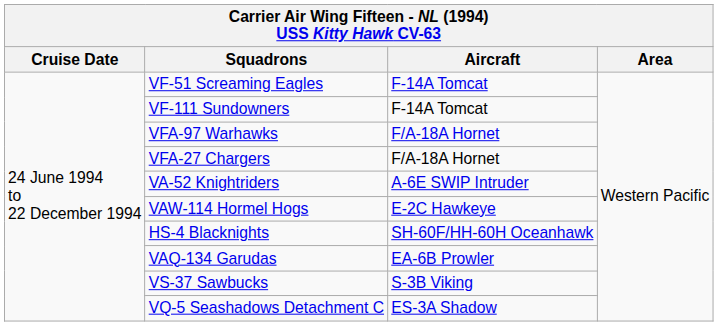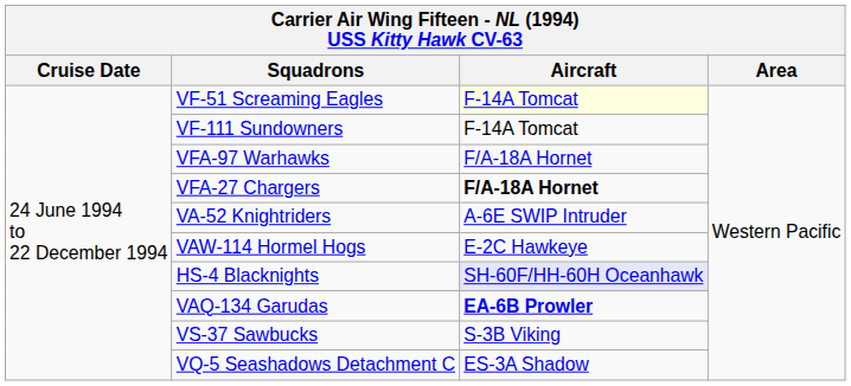 <table class="wikitable">
 <tr>
 <th colspan="4">Carrier Air Wing Fifteen - <em>NL</em> (1994)<br><a href='#'>USS <em>Kitty Hawk</em> CV-63</a></th>
 </tr>
 <tr>
 <th>Cruise Date</th>
 <th>Squadrons</th>
 <th>Aircraft</th>
 <th>Area</th>
 </tr>
 <tr>
 <td rowspan="10">24 June 1994<br>to<br>22 December 1994</td>
 <td><a href='#'>VF-51 Screaming Eagles</a></td>
-<td><a href='#'>F-14A Tomcat</a></td>
+<td style="background: lightyellow;"><a href='#'>F-14A Tomcat</a></td>
 <td rowspan="10">Western Pacific</td>
 </tr>
 <tr>
 <td><a href='#'>VF-111 Sundowners</a></td>
 <td>F-14A Tomcat</td>
 </tr>
 <tr>
 <td><a href='#'>VFA-97 Warhawks</a></td>
 <td><a href='#'>F/A-18A Hornet</a></td>
 </tr>
 <tr>
 <td><a href='#'>VFA-27 Chargers</a></td>
-<td>F/A-18A Hornet</td>
+<td><strong>F/A-18A Hornet</strong></td>
 </tr>
 <tr>
 <td><a href='#'>VA-52 Knightriders</a></td>
 <td><a href='#'>A-6E SWIP Intruder</a></td>
 </tr>
 <tr>
 <td><a href='#'>VAW-114 Hormel Hogs</a></td>
 <td><a href='#'>E-2C Hawkeye</a></td>
 </tr>
 <tr>
 <td><a href='#'>HS-4 Blacknights</a></td>
-<td><a href='#'>SH-60F/HH-60H Oceanhawk</a></td>
+<td style="background: lavender;"><a href='#'>SH-60F/HH-60H Oceanhawk</a></td>
 </tr>
 <tr>
 <td><a href='#'>VAQ-134 Garudas</a></td>
-<td><a href='#'>EA-6B Prowler</a></td>
+<td><strong><a href='#'>EA-6B Prowler</a></strong></td>
 </tr>
 <tr>
 <td><a href='#'>VS-37 Sawbucks</a></td>
 <td><a href='#'>S-3B Viking</a></td>
 </tr>
 <tr>
 <td><a href='#'>VQ-5 Seashadows Detachment C</a></td>
 <td><a href='#'>ES-3A Shadow</a></td>
 </tr>
 </table>
